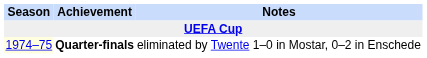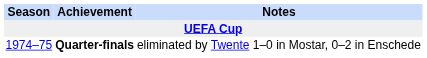 <table class="toccolours" border="0" cellpadding="2" cellspacing="0" align="left" style="margin:0.5em;">
 <tr bgcolor=#cadcfb>
 <th>Season</th>
 <th>Achievement</th>
 <th>Notes</th>
 </tr>
 <tr>
 <th colspan="4" bgcolor=#EFEFEF><a href='#'>UEFA Cup</a></th>
 </tr>
 <tr>
-<td align="center" style="background: lightyellow;"><a href='#'>1974–75</a></td>
+<td align="center"><a href='#'>1974–75</a></td>
 <td align="center"><strong>Quarter-finals</strong></td>
 <td align="left">eliminated by  <a href='#'>Twente</a> 1–0 in Mostar, 0–2 in Enschede</td>
 </tr>
 </table>
